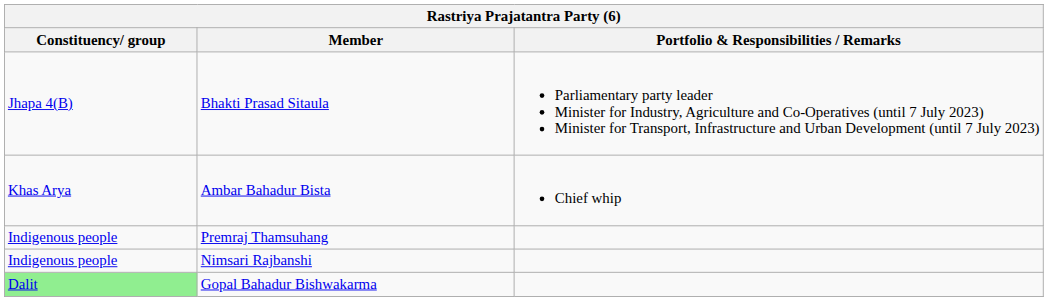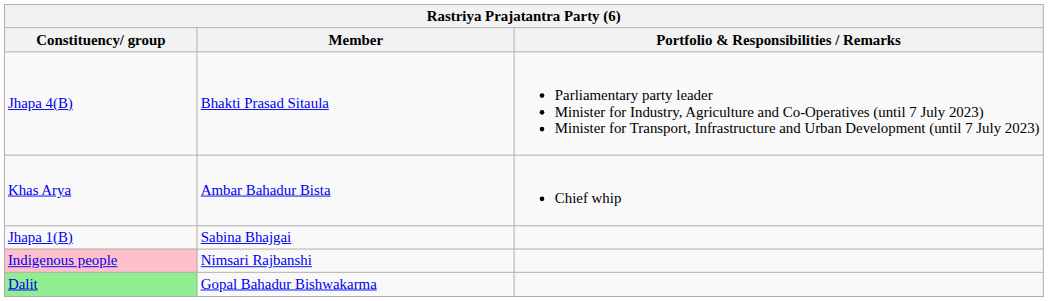 <table class="wikitable sortable mw-collapsible mw-collapsed">
 <tr>
 <th colspan="3" style="width: 800pt; background:">Rastriya Prajatantra Party (6)</th>
 </tr>
 <tr>
 <th style="width:150pt;">Constituency/ group</th>
 <th style="width:250pt;">Member</th>
 <th>Portfolio & Responsibilities / Remarks</th>
 </tr>
 <tr>
 <td><a href='#'>Jhapa 4(B)</a></td>
 <td><a href='#'>Bhakti Prasad Sitaula</a></td>
 <td><br><ul><li>Parliamentary party leader</li><li>Minister for Industry, Agriculture and Co-Operatives (until 7 July 2023)</li><li>Minister for Transport, Infrastructure and Urban Development (until 7 July 2023)</li></ul></td>
 </tr>
 <tr>
 <td><a href='#'>Khas Arya</a></td>
 <td><a href='#'>Ambar Bahadur Bista</a></td>
 <td><br><ul><li>Chief whip</li></ul></td>
 </tr>
 <tr>
-<td><a href='#'>Indigenous people</a></td>
-<td><a href='#'>Premraj Thamsuhang</a></td>
+<td><a href='#'>Jhapa 1(B)</a></td>
+<td><a href='#'>Sabina Bhajgai</a></td>
 <td></td>
 </tr>
 <tr>
-<td><a href='#'>Indigenous people</a></td>
+<td style="background: pink;"><a href='#'>Indigenous people</a></td>
 <td><a href='#'>Nimsari Rajbanshi</a></td>
 <td></td>
 </tr>
 <tr>
 <td style="background: lightgreen;"><a href='#'>Dalit</a></td>
 <td><a href='#'>Gopal Bahadur Bishwakarma</a></td>
 <td></td>
 </tr>
 </table>
